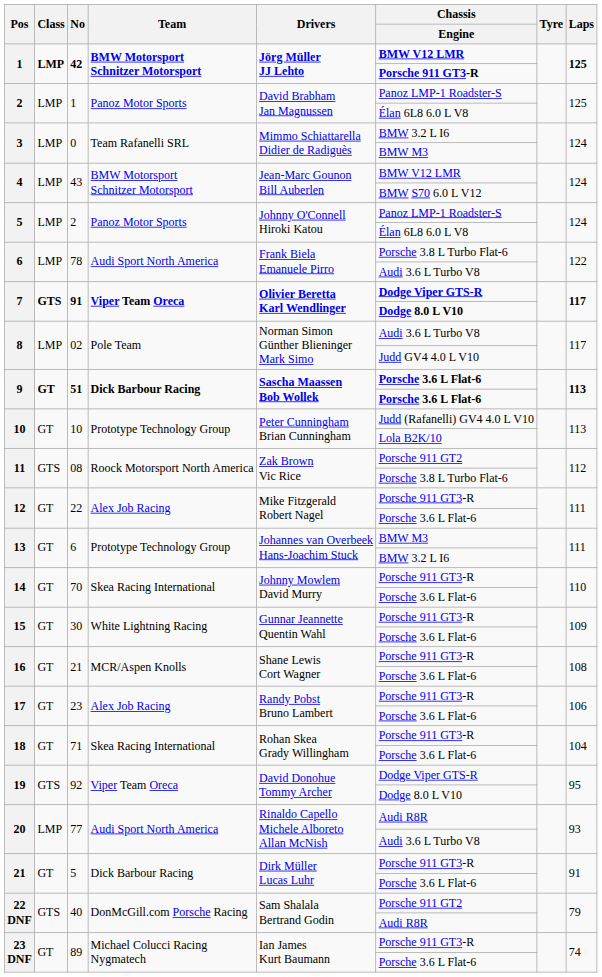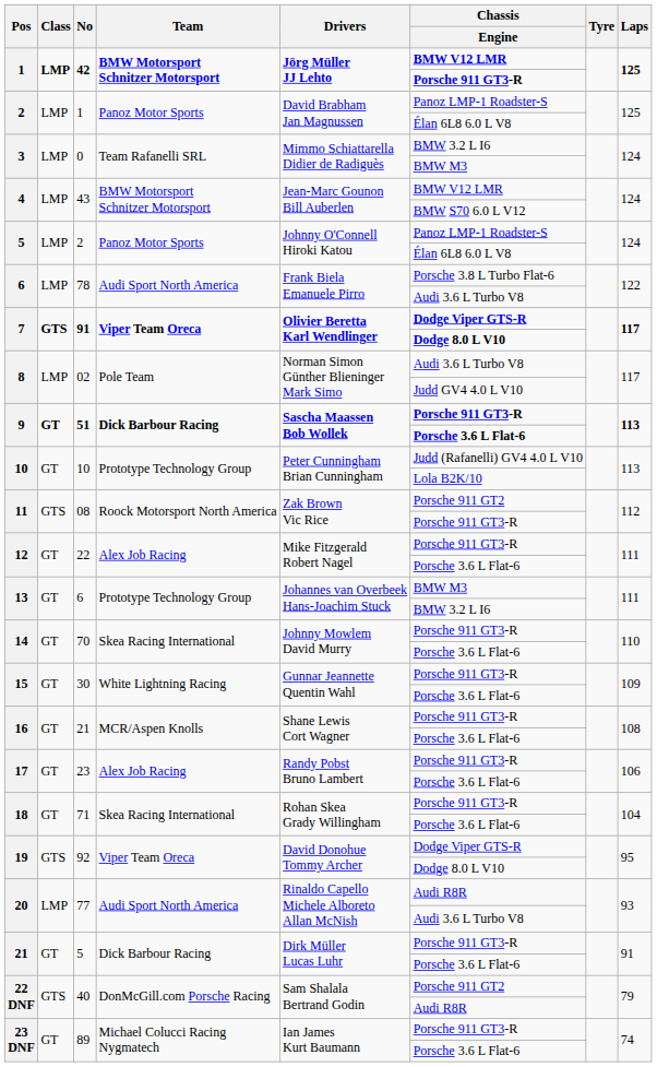 <table class="wikitable" style="font-size: 95%;">
 <tr>
 <th rowspan=2>Pos</th>
 <th rowspan=2>Class</th>
 <th rowspan=2>No</th>
 <th rowspan=2>Team</th>
 <th rowspan=2>Drivers</th>
 <th>Chassis</th>
 <th rowspan=2>Tyre</th>
 <th rowspan=2>Laps</th>
 </tr>
 <tr>
 <th>Engine</th>
 </tr>
 <tr style="font-weight:bold">
 <th rowspan=2>1</th>
 <td rowspan=2>LMP</td>
 <td rowspan=2>42</td>
 <td rowspan=2> <a href='#'>BMW Motorsport</a><br> <a href='#'>Schnitzer Motorsport</a></td>
 <td rowspan=2> <a href='#'>Jörg Müller</a><br> <a href='#'>JJ Lehto</a></td>
 <td><a href='#'>BMW V12 LMR</a></td>
 <td rowspan=2></td>
 <td rowspan=2>125</td>
 </tr>
 <tr style="font-weight:bold">
 <td><a href='#'>Porsche 911 GT3</a>-R</td>
 </tr>
 <tr>
 <th rowspan=2>2</th>
 <td rowspan=2>LMP</td>
 <td rowspan=2>1</td>
 <td rowspan=2> <a href='#'>Panoz Motor Sports</a></td>
 <td rowspan=2> <a href='#'>David Brabham</a><br> <a href='#'>Jan Magnussen</a></td>
 <td><a href='#'>Panoz LMP-1 Roadster-S</a></td>
 <td rowspan=2></td>
 <td rowspan=2>125</td>
 </tr>
 <tr>
 <td><a href='#'>Élan</a> 6L8 6.0 L V8</td>
 </tr>
 <tr>
 <th rowspan=2>3</th>
 <td rowspan=2>LMP</td>
 <td rowspan=2>0</td>
 <td rowspan=2> Team Rafanelli SRL</td>
 <td rowspan=2> <a href='#'>Mimmo Schiattarella</a><br> <a href='#'>Didier de Radiguès</a></td>
 <td><a href='#'>BMW</a> 3.2 L I6</td>
 <td rowspan=2></td>
 <td rowspan=2>124</td>
 </tr>
 <tr>
 <td><a href='#'>BMW M3</a></td>
 </tr>
 <tr>
 <th rowspan=2>4</th>
 <td rowspan=2>LMP</td>
 <td rowspan=2>43</td>
 <td rowspan=2> <a href='#'>BMW Motorsport</a><br> <a href='#'>Schnitzer Motorsport</a></td>
 <td rowspan=2> <a href='#'>Jean-Marc Gounon</a><br> <a href='#'>Bill Auberlen</a></td>
 <td><a href='#'>BMW V12 LMR</a></td>
 <td rowspan=2></td>
 <td rowspan=2>124</td>
 </tr>
 <tr>
 <td><a href='#'>BMW</a> <a href='#'>S70</a> 6.0 L V12</td>
 </tr>
 <tr>
 <th rowspan=2>5</th>
 <td rowspan=2>LMP</td>
 <td rowspan=2>2</td>
 <td rowspan=2> <a href='#'>Panoz Motor Sports</a></td>
 <td rowspan=2> <a href='#'>Johnny O'Connell</a><br> Hiroki Katou</td>
 <td><a href='#'>Panoz LMP-1 Roadster-S</a></td>
 <td rowspan=2></td>
 <td rowspan=2>124</td>
 </tr>
 <tr>
 <td><a href='#'>Élan</a> 6L8 6.0 L V8</td>
 </tr>
 <tr>
 <th rowspan=2>6</th>
 <td rowspan=2>LMP</td>
 <td rowspan=2>78</td>
 <td rowspan=2> <a href='#'>Audi Sport North America</a></td>
 <td rowspan=2> <a href='#'>Frank Biela</a><br> <a href='#'>Emanuele Pirro</a></td>
 <td><a href='#'>Porsche</a> 3.8 L Turbo Flat-6</td>
 <td rowspan=2></td>
 <td rowspan=2>122</td>
 </tr>
 <tr>
 <td><a href='#'>Audi</a> 3.6 L Turbo V8</td>
 </tr>
 <tr style="font-weight:bold">
 <th rowspan=2>7</th>
 <td rowspan=2>GTS</td>
 <td rowspan=2>91</td>
 <td rowspan=2> <a href='#'>Viper</a> Team <a href='#'>Oreca</a></td>
 <td rowspan=2> <a href='#'>Olivier Beretta</a><br> <a href='#'>Karl Wendlinger</a></td>
 <td><a href='#'>Dodge Viper GTS-R</a></td>
 <td rowspan=2></td>
 <td rowspan=2>117</td>
 </tr>
 <tr style="font-weight:bold">
 <td><a href='#'>Dodge</a> 8.0 L V10</td>
 </tr>
 <tr>
 <th rowspan=2>8</th>
 <td rowspan=2>LMP</td>
 <td rowspan=2>02</td>
 <td rowspan=2> Pole Team</td>
 <td rowspan=2> Norman Simon<br> Günther Blieninger<br> <a href='#'>Mark Simo</a></td>
 <td><a href='#'>Audi</a> 3.6 L Turbo V8</td>
 <td rowspan=2></td>
 <td rowspan=2>117</td>
 </tr>
 <tr>
 <td><a href='#'>Judd</a> GV4 4.0 L V10</td>
 </tr>
 <tr style="font-weight:bold">
 <th rowspan=2>9</th>
 <td rowspan=2>GT</td>
 <td rowspan=2>51</td>
 <td rowspan=2> Dick Barbour Racing</td>
 <td rowspan=2> <a href='#'>Sascha Maassen</a><br> <a href='#'>Bob Wollek</a></td>
-<td><a href='#'>Porsche</a> 3.6 L Flat-6</td>
+<td><a href='#'>Porsche 911 GT3</a>-R</td>
 <td rowspan=2></td>
 <td rowspan=2>113</td>
 </tr>
 <tr style="font-weight:bold">
 <td><a href='#'>Porsche</a> 3.6 L Flat-6</td>
 </tr>
 <tr>
 <th rowspan=2>10</th>
 <td rowspan=2>GT</td>
 <td rowspan=2>10</td>
 <td rowspan=2> Prototype Technology Group</td>
 <td rowspan=2> <a href='#'>Peter Cunningham</a><br> Brian Cunningham</td>
 <td><a href='#'>Judd</a> (Rafanelli) GV4 4.0 L V10</td>
 <td rowspan=2></td>
 <td rowspan=2>113</td>
 </tr>
 <tr>
 <td><a href='#'>Lola B2K/10</a></td>
 </tr>
 <tr>
 <th rowspan=2>11</th>
 <td rowspan=2>GTS</td>
 <td rowspan=2>08</td>
 <td rowspan=2> Roock Motorsport North America</td>
 <td rowspan=2> <a href='#'>Zak Brown</a><br> Vic Rice</td>
 <td><a href='#'>Porsche 911 GT2</a></td>
 <td rowspan=2></td>
 <td rowspan=2>112</td>
 </tr>
 <tr>
-<td><a href='#'>Porsche</a> 3.8 L Turbo Flat-6</td>
+<td><a href='#'>Porsche 911 GT3</a>-R</td>
 </tr>
 <tr>
 <th rowspan=2>12</th>
 <td rowspan=2>GT</td>
 <td rowspan=2>22</td>
 <td rowspan=2> <a href='#'>Alex Job Racing</a></td>
 <td rowspan=2> Mike Fitzgerald<br> Robert Nagel</td>
 <td><a href='#'>Porsche 911 GT3</a>-R</td>
 <td rowspan=2></td>
 <td rowspan=2>111</td>
 </tr>
 <tr>
 <td><a href='#'>Porsche</a> 3.6 L Flat-6</td>
 </tr>
 <tr>
 <th rowspan=2>13</th>
 <td rowspan=2>GT</td>
 <td rowspan=2>6</td>
 <td rowspan=2> Prototype Technology Group</td>
 <td rowspan=2> <a href='#'>Johannes van Overbeek</a><br> <a href='#'>Hans-Joachim Stuck</a></td>
 <td><a href='#'>BMW M3</a></td>
 <td rowspan=2></td>
 <td rowspan=2>111</td>
 </tr>
 <tr>
 <td><a href='#'>BMW</a> 3.2 L I6</td>
 </tr>
 <tr>
 <th rowspan=2>14</th>
 <td rowspan=2>GT</td>
 <td rowspan=2>70</td>
 <td rowspan=2> Skea Racing International</td>
 <td rowspan=2> <a href='#'>Johnny Mowlem</a><br> David Murry</td>
 <td><a href='#'>Porsche 911 GT3</a>-R</td>
 <td rowspan=2></td>
 <td rowspan=2>110</td>
 </tr>
 <tr>
 <td><a href='#'>Porsche</a> 3.6 L Flat-6</td>
 </tr>
 <tr>
 <th rowspan=2>15</th>
 <td rowspan=2>GT</td>
 <td rowspan=2>30</td>
 <td rowspan=2> White Lightning Racing</td>
 <td rowspan=2> <a href='#'>Gunnar Jeannette</a><br> Quentin Wahl</td>
 <td><a href='#'>Porsche 911 GT3</a>-R</td>
 <td rowspan=2></td>
 <td rowspan=2>109</td>
 </tr>
 <tr>
 <td><a href='#'>Porsche</a> 3.6 L Flat-6</td>
 </tr>
 <tr>
 <th rowspan=2>16</th>
 <td rowspan=2>GT</td>
 <td rowspan=2>21</td>
 <td rowspan=2> MCR/Aspen Knolls</td>
 <td rowspan=2> Shane Lewis<br> Cort Wagner</td>
 <td><a href='#'>Porsche 911 GT3</a>-R</td>
 <td rowspan=2></td>
 <td rowspan=2>108</td>
 </tr>
 <tr>
 <td><a href='#'>Porsche</a> 3.6 L Flat-6</td>
 </tr>
 <tr>
 <th rowspan=2>17</th>
 <td rowspan=2>GT</td>
 <td rowspan=2>23</td>
 <td rowspan=2> <a href='#'>Alex Job Racing</a></td>
 <td rowspan=2> <a href='#'>Randy Pobst</a><br> Bruno Lambert</td>
 <td><a href='#'>Porsche 911 GT3</a>-R</td>
 <td rowspan=2></td>
 <td rowspan=2>106</td>
 </tr>
 <tr>
 <td><a href='#'>Porsche</a> 3.6 L Flat-6</td>
 </tr>
 <tr>
 <th rowspan=2>18</th>
 <td rowspan=2>GT</td>
 <td rowspan=2>71</td>
 <td rowspan=2> Skea Racing International</td>
 <td rowspan=2> Rohan Skea<br> Grady Willingham</td>
 <td><a href='#'>Porsche 911 GT3</a>-R</td>
 <td rowspan=2></td>
 <td rowspan=2>104</td>
 </tr>
 <tr>
 <td><a href='#'>Porsche</a> 3.6 L Flat-6</td>
 </tr>
 <tr>
 <th rowspan=2>19</th>
 <td rowspan=2>GTS</td>
 <td rowspan=2>92</td>
 <td rowspan=2> <a href='#'>Viper</a> Team <a href='#'>Oreca</a></td>
 <td rowspan=2> <a href='#'>David Donohue</a><br> <a href='#'>Tommy Archer</a></td>
 <td><a href='#'>Dodge Viper GTS-R</a></td>
 <td rowspan=2></td>
 <td rowspan=2>95</td>
 </tr>
 <tr>
 <td><a href='#'>Dodge</a> 8.0 L V10</td>
 </tr>
 <tr>
 <th rowspan=2>20</th>
 <td rowspan=2>LMP</td>
 <td rowspan=2>77</td>
 <td rowspan=2> <a href='#'>Audi Sport North America</a></td>
 <td rowspan=2> <a href='#'>Rinaldo Capello</a><br> <a href='#'>Michele Alboreto</a><br> <a href='#'>Allan McNish</a></td>
 <td><a href='#'>Audi R8R</a></td>
 <td rowspan=2></td>
 <td rowspan=2>93</td>
 </tr>
 <tr>
 <td><a href='#'>Audi</a> 3.6 L Turbo V8</td>
 </tr>
 <tr>
 <th rowspan=2>21</th>
 <td rowspan=2>GT</td>
 <td rowspan=2>5</td>
 <td rowspan=2> Dick Barbour Racing</td>
 <td rowspan=2> <a href='#'>Dirk Müller</a><br> <a href='#'>Lucas Luhr</a></td>
 <td><a href='#'>Porsche 911 GT3</a>-R</td>
 <td rowspan=2></td>
 <td rowspan=2>91</td>
 </tr>
 <tr>
 <td><a href='#'>Porsche</a> 3.6 L Flat-6</td>
 </tr>
 <tr>
 <th rowspan=2>22<br>DNF</th>
 <td rowspan=2>GTS</td>
 <td rowspan=2>40</td>
 <td rowspan=2> DonMcGill.com <a href='#'>Porsche</a> Racing</td>
 <td rowspan=2> Sam Shalala<br> Bertrand Godin</td>
 <td><a href='#'>Porsche 911 GT2</a></td>
 <td rowspan=2></td>
 <td rowspan=2>79</td>
 </tr>
 <tr>
 <td><a href='#'>Audi R8R</a></td>
 </tr>
 <tr>
 <th rowspan=2>23<br>DNF</th>
 <td rowspan=2>GT</td>
 <td rowspan=2>89</td>
 <td rowspan=2> Michael Colucci Racing<br> Nygmatech</td>
 <td rowspan=2> Ian James<br> Kurt Baumann</td>
 <td><a href='#'>Porsche 911 GT3</a>-R</td>
 <td rowspan=2></td>
 <td rowspan=2>74</td>
 </tr>
 <tr>
 <td><a href='#'>Porsche</a> 3.6 L Flat-6</td>
 </tr>
 </table>
